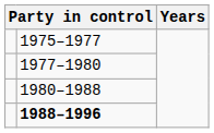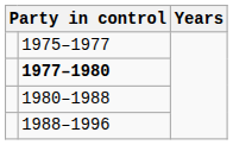 <table class="wikitable">
 <tr>
 <th colspan="2">Party in control</th>
 <th>Years</th>
 </tr>
 <tr>
 <td></td>
 <td>1975–1977</td>
 </tr>
 <tr>
 <td></td>
-<td>1977–1980</td>
+<td><strong>1977–1980</strong></td>
 </tr>
 <tr>
 <td></td>
 <td>1980–1988</td>
 </tr>
 <tr>
 <td></td>
-<td><strong>1988–1996</strong></td>
+<td>1988–1996</td>
 </tr>
 </table>
